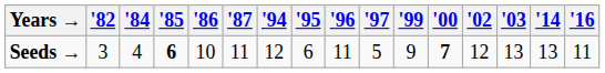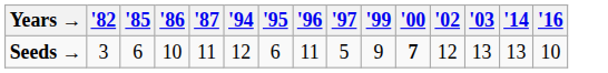 <table class="wikitable">
 <tr>
 <th>Years →</th>
 <th><a href='#'>'82</a></th>
-<th><a href='#'>'84</a></th>
 <th><a href='#'>'85</a></th>
 <th><a href='#'>'86</a></th>
 <th><a href='#'>'87</a></th>
 <th><a href='#'>'94</a></th>
 <th><a href='#'>'95</a></th>
 <th><a href='#'>'96</a></th>
 <th><a href='#'>'97</a></th>
 <th><a href='#'>'99</a></th>
 <th><a href='#'>'00</a></th>
 <th><a href='#'>'02</a></th>
 <th><a href='#'>'03</a></th>
 <th><a href='#'>'14</a></th>
 <th><a href='#'>'16</a></th>
 </tr>
 <tr align=center>
 <td style="text-align:left; "><strong>Seeds →</strong></td>
 <td>3</td>
-<td>4</td>
-<td><strong>6</strong></td>
+<td>6</td>
 <td>10</td>
 <td>11</td>
 <td>12</td>
 <td>6</td>
 <td>11</td>
 <td>5</td>
 <td>9</td>
 <td><strong>7</strong></td>
 <td>12</td>
 <td>13</td>
 <td>13</td>
-<td>11</td>
+<td>10</td>
 </tr>
 </table>
